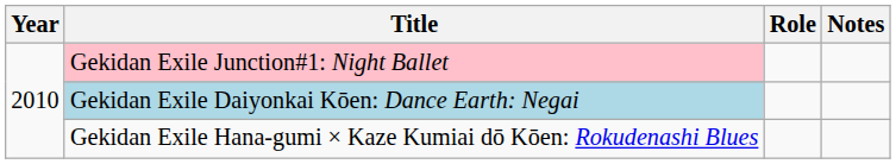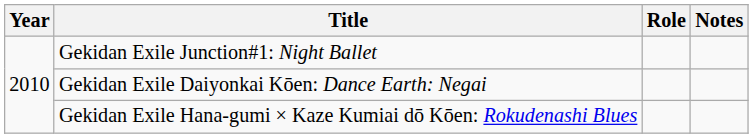 <table class="wikitable">
 <tr>
 <th>Year</th>
 <th>Title</th>
 <th>Role</th>
 <th>Notes</th>
 </tr>
 <tr>
 <td rowspan="3">2010</td>
-<td style="background: pink;">Gekidan Exile Junction#1: <em>Night Ballet</em></td>
+<td>Gekidan Exile Junction#1: <em>Night Ballet</em></td>
 <td></td>
 <td></td>
 </tr>
 <tr>
-<td style="background: lightblue;">Gekidan Exile Daiyonkai Kōen: <em>Dance Earth: Negai</em></td>
+<td>Gekidan Exile Daiyonkai Kōen: <em>Dance Earth: Negai</em></td>
 <td></td>
 <td></td>
 </tr>
 <tr>
 <td>Gekidan Exile Hana-gumi × Kaze Kumiai dō Kōen: <em><a href='#'>Rokudenashi Blues</a></em></td>
 <td></td>
 </tr>
 </table>
